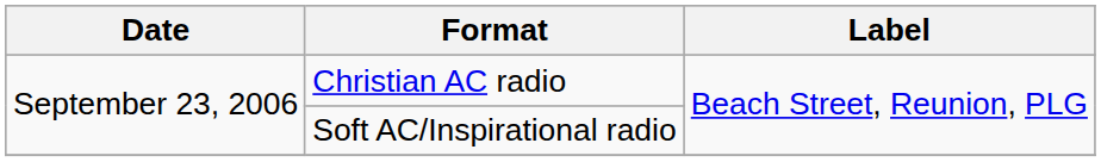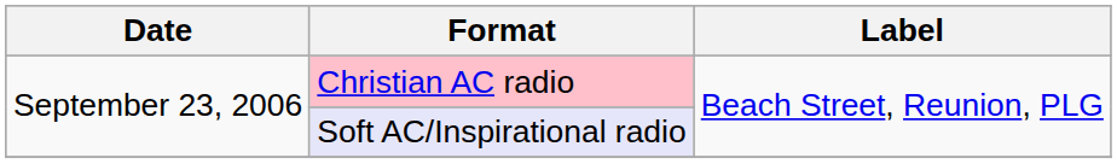 <table class="wikitable sortable plainrowheaders">
 <tr>
 <th scope="col">Date</th>
 <th scope="col">Format</th>
 <th scope="col">Label</th>
 </tr>
 <tr>
 <td rowspan="2">September 23, 2006</td>
-<td><a href='#'>Christian AC</a> radio</td>
+<td style="background: pink;"><a href='#'>Christian AC</a> radio</td>
 <td rowspan="2"><a href='#'>Beach Street</a>, <a href='#'>Reunion</a>, <a href='#'>PLG</a></td>
 </tr>
 <tr>
-<td>Soft AC/Inspirational radio</td>
+<td style="background: lavender;">Soft AC/Inspirational radio</td>
 </tr>
 <tr>
 </tr>
 </table>
